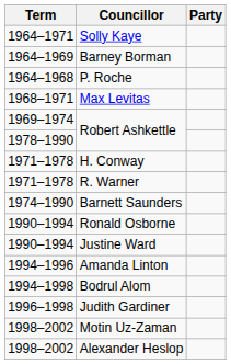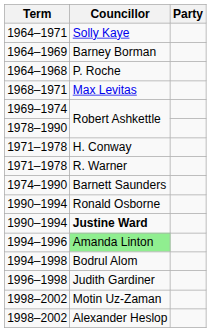 <table class="wikitable">
 <tr>
 <th>Term</th>
 <th>Councillor</th>
 <th colspan=2>Party</th>
 </tr>
 <tr>
 <td>1964–1971</td>
 <td><a href='#'>Solly Kaye</a></td>
 <td></td>
 </tr>
 <tr>
 <td>1964–1969</td>
 <td>Barney Borman</td>
 <td></td>
 </tr>
 <tr>
 <td>1964–1968</td>
 <td>P. Roche</td>
 <td></td>
 </tr>
 <tr>
 <td>1968–1971</td>
 <td><a href='#'>Max Levitas</a></td>
 <td></td>
 </tr>
 <tr>
 <td>1969–1974</td>
 <td rowspan=2>Robert Ashkettle</td>
 <td></td>
 </tr>
 <tr>
 <td>1978–1990</td>
 <td></td>
 </tr>
 <tr>
 <td>1971–1978</td>
 <td>H. Conway</td>
 <td></td>
 </tr>
 <tr>
 <td>1971–1978</td>
 <td>R. Warner</td>
 <td></td>
 </tr>
 <tr>
 <td>1974–1990</td>
 <td>Barnett Saunders</td>
 <td></td>
 </tr>
 <tr>
 <td>1990–1994</td>
 <td>Ronald Osborne</td>
 <td></td>
 </tr>
 <tr>
 <td>1990–1994</td>
-<td>Justine Ward</td>
+<td><strong>Justine Ward</strong></td>
 <td></td>
 </tr>
 <tr>
 <td>1994–1996</td>
-<td>Amanda Linton</td>
+<td style="background: lightgreen;">Amanda Linton</td>
 <td></td>
 </tr>
 <tr>
 <td>1994–1998</td>
 <td>Bodrul Alom</td>
 <td></td>
 </tr>
 <tr>
 <td>1996–1998</td>
 <td>Judith Gardiner</td>
 <td></td>
 </tr>
 <tr>
 <td>1998–2002</td>
 <td>Motin Uz-Zaman</td>
 <td></td>
 </tr>
 <tr>
 <td>1998–2002</td>
 <td>Alexander Heslop</td>
 <td></td>
 </tr>
 </table>
